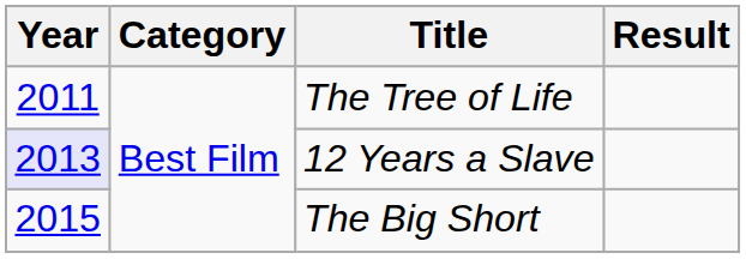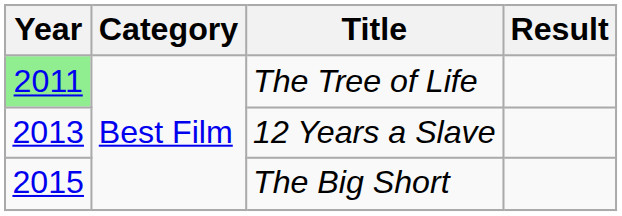 <table class="wikitable" style="font-size: 100%">
 <tr>
 <th>Year</th>
 <th>Category</th>
 <th>Title</th>
 <th>Result</th>
 </tr>
 <tr>
-<td style="text-align:center;"><a href='#'>2011</a></td>
+<td style="background: lightgreen; text-align:center;"><a href='#'>2011</a></td>
 <td rowspan="3"><a href='#'>Best Film</a></td>
 <td><em>The Tree of Life</em></td>
 <td></td>
 </tr>
 <tr>
-<td style="background: lavender; text-align:center;"><a href='#'>2013</a></td>
+<td style="text-align:center;"><a href='#'>2013</a></td>
 <td><em>12 Years a Slave</em></td>
 <td></td>
 </tr>
 <tr>
 <td style="text-align:center;"><a href='#'>2015</a></td>
 <td><em>The Big Short</em></td>
 <td></td>
 </tr>
 </table>
